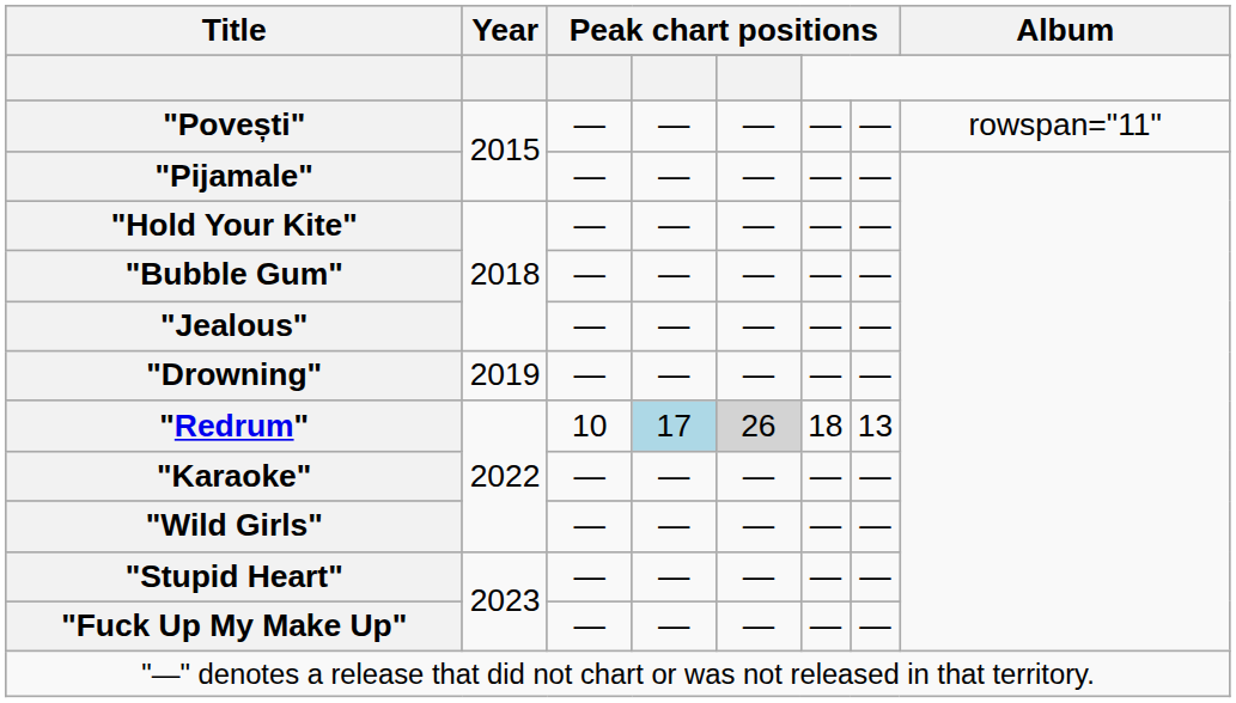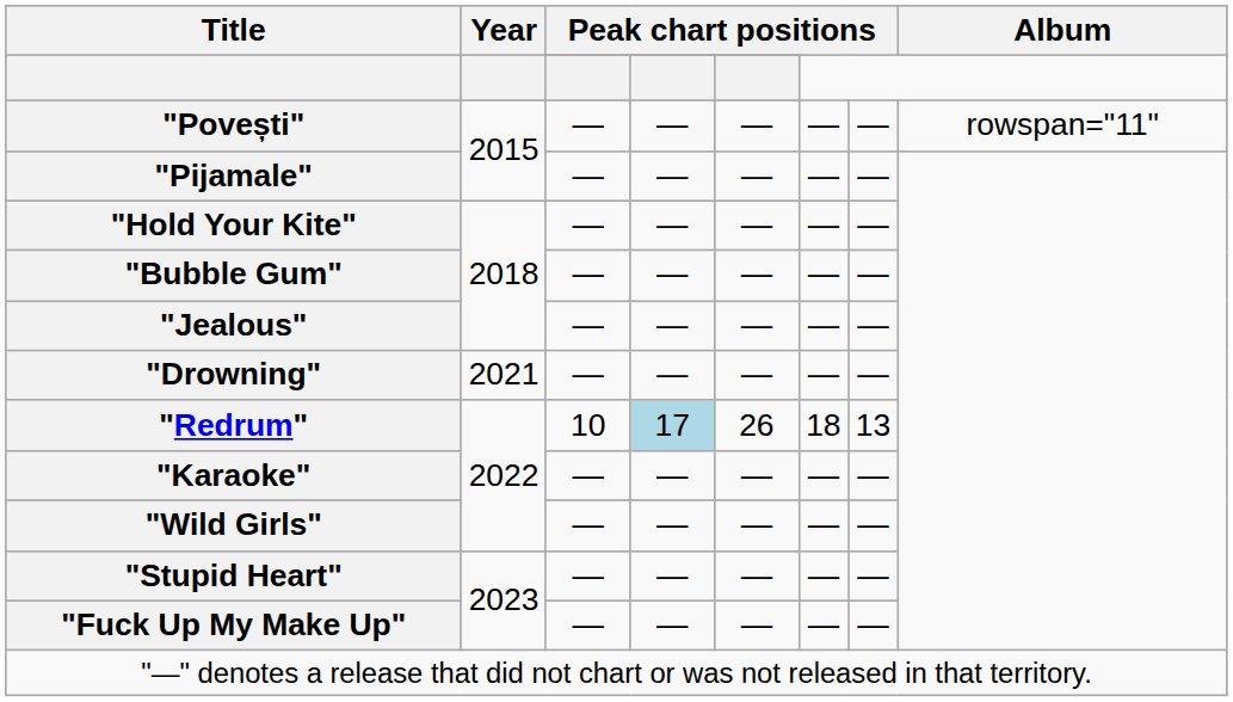 <table class="wikitable plainrowheaders" style="text-align:center;">
 <tr>
 <th scope="col" rowspan="2" style="width:14em;">Title</th>
 <th scope="col" rowspan="2" style="width:1em;">Year</th>
 <th colspan="5" scope="col">Peak chart positions</th>
 <th scope="col" rowspan="2" style="width:10em;">Album</th>
 </tr>
 <tr>
 </tr>
 <tr>
 <th scope="col" style="width:2.5em;font-size:90%;"><a href='#'></a><br></th>
 <th scope="col" style="width:2.5em;font-size:90%;"><a href='#'></a><br></th>
 <th scope="col" style="width:2.5em;font-size:90%;"><a href='#'></a><br></th>
 <th scope="col" style="width:2.5em;font-size:90%;"><a href='#'></a><br></th>
 <th scope="col" style="width:2.5em;font-size:90%;"><a href='#'></a><br></th>
 </tr>
 <tr>
 <th scope="row">"Povești"</th>
 <td rowspan="2">2015</td>
 <td>—</td>
 <td>—</td>
 <td>—</td>
 <td>—</td>
 <td>—</td>
 <td>rowspan="11" </td>
 </tr>
 <tr>
 <th scope="row">"Pijamale"</th>
 <td>—</td>
 <td>—</td>
 <td>—</td>
 <td>—</td>
 <td>—</td>
 </tr>
 <tr>
 <th scope="row">"Hold Your Kite"<br></th>
 <td rowspan="3">2018</td>
 <td>—</td>
 <td>—</td>
 <td>—</td>
 <td>—</td>
 <td>—</td>
 </tr>
 <tr>
 <th scope="row">"Bubble Gum"<br></th>
 <td>—</td>
 <td>—</td>
 <td>—</td>
 <td>—</td>
 <td>—</td>
 </tr>
 <tr>
 <th scope="row">"Jealous"<br></th>
 <td>—</td>
 <td>—</td>
 <td>—</td>
 <td>—</td>
 <td>—</td>
 </tr>
 <tr>
 <th scope="row">"Drowning"<br></th>
-<td rowspan="1">2019</td>
+<td rowspan="1">2021</td>
 <td>—</td>
 <td>—</td>
 <td>—</td>
 <td>—</td>
 <td>—</td>
 </tr>
 <tr>
 <th scope="row">"<a href='#'>Redrum</a>"<br></th>
 <td rowspan="3">2022</td>
 <td>10</td>
 <td style="background: lightblue;">17</td>
-<td style="background: lightgrey;">26</td>
+<td>26</td>
 <td>18</td>
 <td>13</td>
 </tr>
 <tr>
 <th scope="row">"Karaoke"</th>
 <td>—</td>
 <td>—</td>
 <td>—</td>
 <td>—</td>
 <td>—</td>
 </tr>
 <tr>
 <th scope="row">"Wild Girls"</th>
 <td>—</td>
 <td>—</td>
 <td>—</td>
 <td>—</td>
 <td>—</td>
 </tr>
 <tr>
 <th scope="row">"Stupid Heart"</th>
 <td rowspan="2">2023</td>
 <td>—</td>
 <td>—</td>
 <td>—</td>
 <td>—</td>
 <td>—</td>
 </tr>
 <tr>
 <th scope="row">"Fuck Up My Make Up"</th>
 <td>—</td>
 <td>—</td>
 <td>—</td>
 <td>—</td>
 <td>—</td>
 </tr>
 <tr>
 <td colspan="16" style="font-size:90%">"—" denotes a release that did not chart or was not released in that territory.</td>
 </tr>
 </table>
